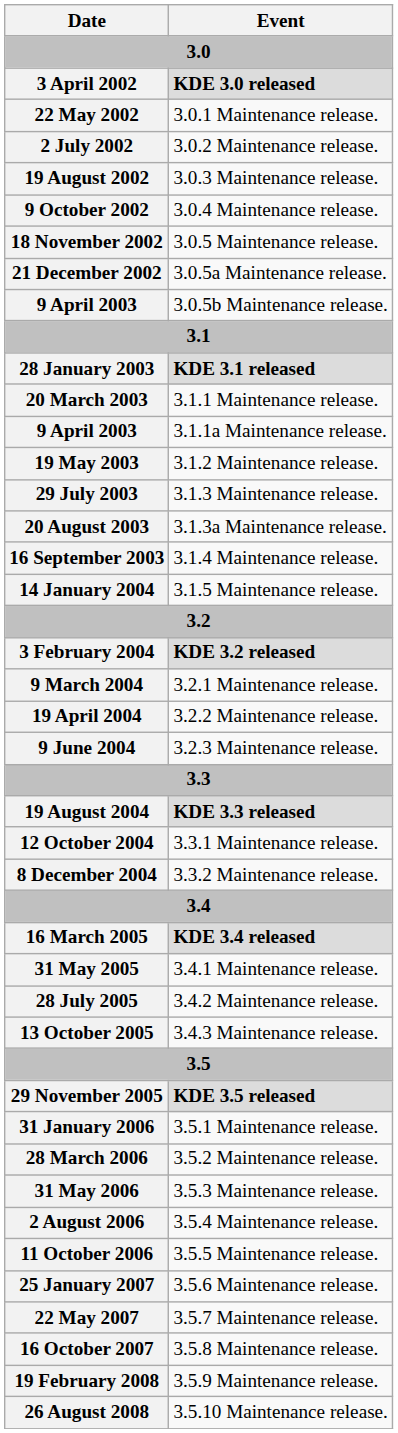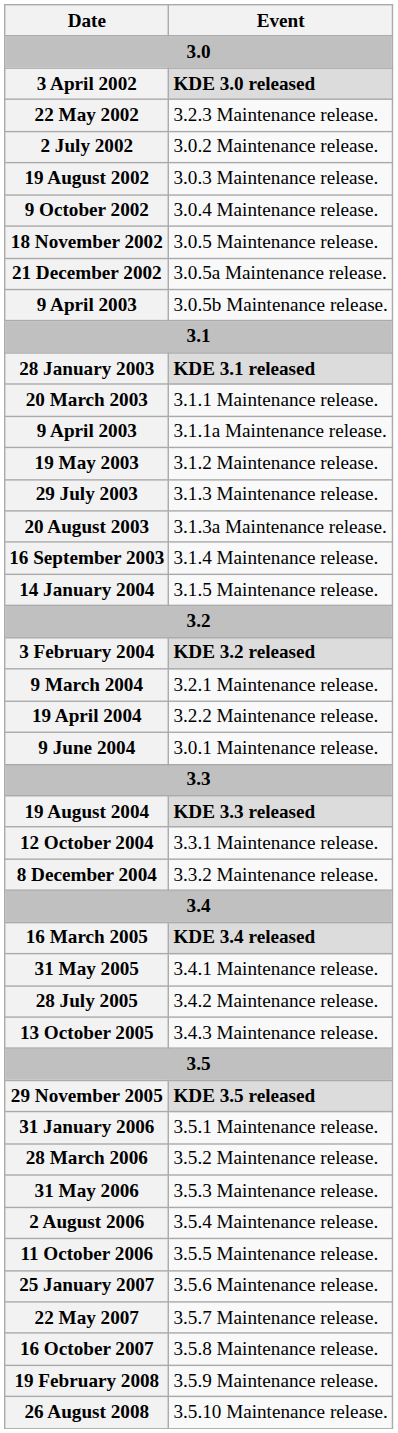 <table class="wikitable" style="font-size: 85%; text-align: left; ">
 <tr>
 <th>Date</th>
 <th>Event</th>
 </tr>
 <tr>
 <th colspan="2" style="background:silver;">3.0</th>
 </tr>
 <tr>
 <th>3 April 2002</th>
 <td style="background:#DCDCDC"><strong>KDE 3.0 released</strong></td>
 </tr>
 <tr>
 <th>22 May 2002</th>
-<td>3.0.1 Maintenance release.</td>
+<td>3.2.3 Maintenance release.</td>
 </tr>
 <tr>
 <th>2 July 2002</th>
 <td>3.0.2 Maintenance release.</td>
 </tr>
 <tr>
 <th>19 August 2002</th>
 <td>3.0.3 Maintenance release.</td>
 </tr>
 <tr>
 <th>9 October 2002</th>
 <td>3.0.4 Maintenance release.</td>
 </tr>
 <tr>
 <th>18 November 2002</th>
 <td>3.0.5 Maintenance release.</td>
 </tr>
 <tr>
 <th>21 December 2002</th>
 <td>3.0.5a Maintenance release.</td>
 </tr>
 <tr>
 <th>9 April 2003</th>
 <td>3.0.5b Maintenance release.</td>
 </tr>
 <tr>
 <th colspan="2" style="background:silver;">3.1</th>
 </tr>
 <tr>
 <th>28 January 2003</th>
 <td style="background:#DCDCDC"><strong>KDE 3.1 released</strong></td>
 </tr>
 <tr>
 <th>20 March 2003</th>
 <td>3.1.1 Maintenance release.</td>
 </tr>
 <tr>
 <th>9 April 2003</th>
 <td>3.1.1a Maintenance release.</td>
 </tr>
 <tr>
 <th>19 May 2003</th>
 <td>3.1.2 Maintenance release.</td>
 </tr>
 <tr>
 <th>29 July 2003</th>
 <td>3.1.3 Maintenance release.</td>
 </tr>
 <tr>
 <th>20 August 2003</th>
 <td>3.1.3a Maintenance release.</td>
 </tr>
 <tr>
 <th>16 September 2003</th>
 <td>3.1.4 Maintenance release.</td>
 </tr>
 <tr>
 <th>14 January 2004</th>
 <td>3.1.5 Maintenance release.</td>
 </tr>
 <tr>
 <th colspan="2" style="background:silver;">3.2</th>
 </tr>
 <tr>
 <th>3 February 2004</th>
 <td style="background:#DCDCDC"><strong>KDE 3.2 released</strong></td>
 </tr>
 <tr>
 <th>9 March 2004</th>
 <td>3.2.1 Maintenance release.</td>
 </tr>
 <tr>
 <th>19 April 2004</th>
 <td>3.2.2 Maintenance release.</td>
 </tr>
 <tr>
 <th>9 June 2004</th>
-<td>3.2.3 Maintenance release.</td>
+<td>3.0.1 Maintenance release.</td>
 </tr>
 <tr>
 <th colspan="2" style="background:silver;">3.3</th>
 </tr>
 <tr>
 <th>19 August 2004</th>
 <td style="background:#DCDCDC"><strong>KDE 3.3 released</strong></td>
 </tr>
 <tr>
 <th>12 October 2004</th>
 <td>3.3.1 Maintenance release.</td>
 </tr>
 <tr>
 <th>8 December 2004</th>
 <td>3.3.2 Maintenance release.</td>
 </tr>
 <tr>
 <th colspan="2" style="background:silver;">3.4</th>
 </tr>
 <tr>
 <th>16 March 2005</th>
 <td style="background:#DCDCDC"><strong>KDE 3.4 released</strong></td>
 </tr>
 <tr>
 <th>31 May 2005</th>
 <td>3.4.1 Maintenance release.</td>
 </tr>
 <tr>
 <th>28 July 2005</th>
 <td>3.4.2 Maintenance release.</td>
 </tr>
 <tr>
 <th>13 October 2005</th>
 <td>3.4.3 Maintenance release.</td>
 </tr>
 <tr>
 <th colspan="2" style="background:silver;">3.5</th>
 </tr>
 <tr>
 <th>29 November 2005</th>
 <td style="background:#DCDCDC"><strong>KDE 3.5 released</strong></td>
 </tr>
 <tr>
 <th>31 January 2006</th>
 <td>3.5.1 Maintenance release.</td>
 </tr>
 <tr>
 <th>28 March 2006</th>
 <td>3.5.2 Maintenance release.</td>
 </tr>
 <tr>
 <th>31 May 2006</th>
 <td>3.5.3 Maintenance release.</td>
 </tr>
 <tr>
 <th>2 August 2006</th>
 <td>3.5.4 Maintenance release.</td>
 </tr>
 <tr>
 <th>11 October 2006</th>
 <td>3.5.5 Maintenance release.</td>
 </tr>
 <tr>
 <th>25 January 2007</th>
 <td>3.5.6 Maintenance release.</td>
 </tr>
 <tr>
 <th>22 May 2007</th>
 <td>3.5.7 Maintenance release.</td>
 </tr>
 <tr>
 <th>16 October 2007</th>
 <td>3.5.8 Maintenance release.</td>
 </tr>
 <tr>
 <th>19 February 2008</th>
 <td>3.5.9 Maintenance release.</td>
 </tr>
 <tr>
 <th>26 August 2008</th>
 <td>3.5.10 Maintenance release.</td>
 </tr>
 </table>
